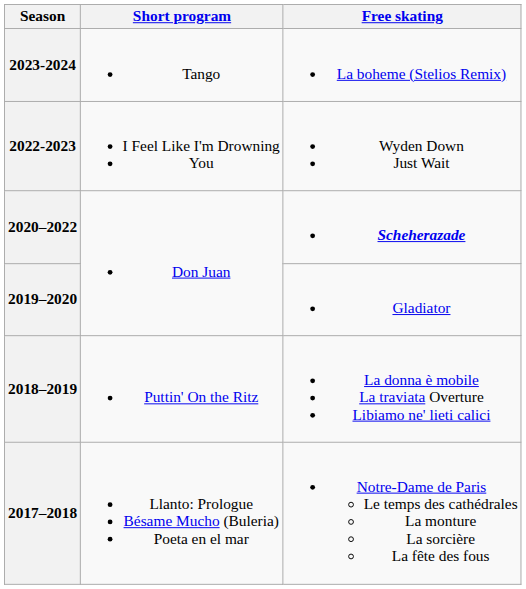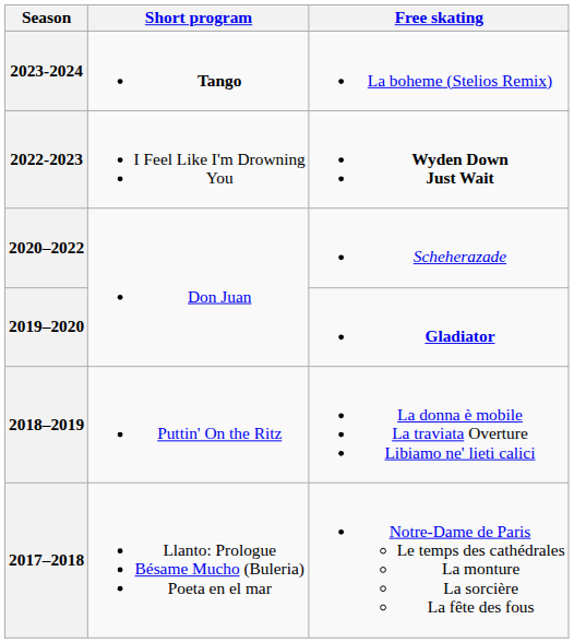 <table class=wikitable style=text-align:center>
 <tr>
 <th>Season</th>
 <th><a href='#'>Short program</a></th>
 <th><a href='#'>Free skating</a></th>
 </tr>
 <tr>
 <th>2023-2024</th>
-<td><br><ul><li>Tango <br> </li></ul></td>
+<td><strong><br><ul><li>Tango <br> </li></ul></strong></td>
 <td><br><ul><li><a href='#'>La boheme (Stelios Remix)</a> <br> </li></ul></td>
 </tr>
 <tr>
 <th>2022-2023</th>
 <td><br><ul><li>I Feel Like I'm Drowning</li><li>You <br> </li></ul></td>
-<td><br><ul><li>Wyden Down</li><li>Just Wait <br> </li></ul></td>
+<td><strong><br><ul><li>Wyden Down</li><li>Just Wait <br> </li></ul></strong></td>
 </tr>
 <tr>
 <th>2020–2022 <br> </th>
 <td rowspan="2"><br><ul><li><a href='#'>Don Juan</a> <br> </li></ul></td>
-<td><strong><br><ul><li><a href='#'><em>Scheherazade</em></a> <br> </li></ul></strong></td>
+<td><br><ul><li><a href='#'><em>Scheherazade</em></a> <br> </li></ul></td>
 </tr>
 <tr>
 <th>2019–2020 <br></th>
-<td><br><ul><li><a href='#'>Gladiator</a> <br> </li></ul></td>
+<td><strong><br><ul><li><a href='#'>Gladiator</a> <br> </li></ul></strong></td>
 </tr>
 <tr>
 <th>2018–2019 <br></th>
 <td><br><ul><li><a href='#'>Puttin' On the Ritz</a>  <br></li></ul></td>
 <td><br><ul><li><a href='#'>La donna è mobile</a> <br> </li><li><a href='#'>La traviata</a> Overture <br></li><li><a href='#'>Libiamo ne' lieti calici</a> <br></li></ul></td>
 </tr>
 <tr>
 <th>2017–2018 <br></th>
 <td><br><ul><li>Llanto: Prologue <br></li><li><a href='#'>Bésame Mucho</a> (Buleria) <br></li><li>Poeta en el mar <br></li></ul></td>
 <td><br><ul><li><a href='#'>Notre-Dame de Paris</a> <br><ul><li>Le temps des cathédrales <br></li><li>La monture</li><li>La sorcière</li><li>La fête des fous<br></li></ul></li></ul></td>
 </tr>
 </table>
